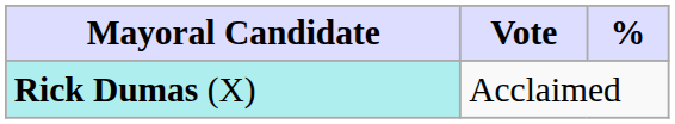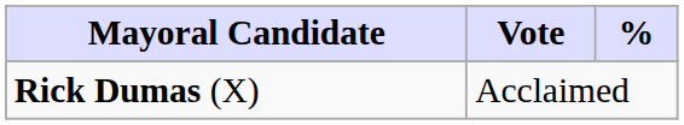 <table class="wikitable">
 <tr>
 <th style="background:#ddf; width:200px;">Mayoral Candidate</th>
 <th style="background:#ddf; width:50px;">Vote</th>
 <th style="background:#ddf; width:30px;">%</th>
 </tr>
 <tr>
-<td style="background: paleturquoise;"><strong>Rick Dumas</strong> (X)</td>
+<td><strong>Rick Dumas</strong> (X)</td>
 <td colspan="2">Acclaimed</td>
 </tr>
 </table>
